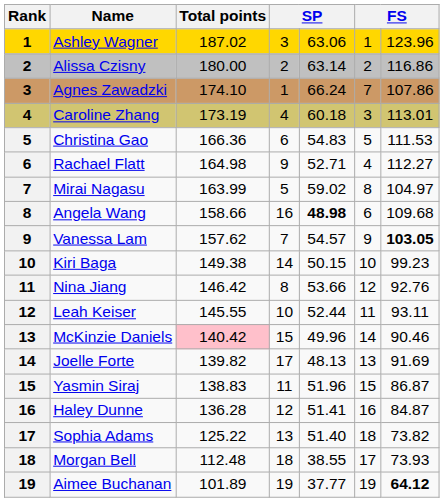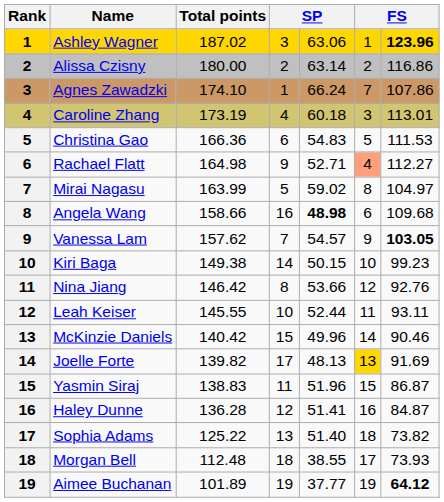 <table class="wikitable sortable">
 <tr>
 <th>Rank</th>
 <th>Name</th>
 <th>Total points</th>
 <th colspan="2" width="80px"><a href='#'>SP</a></th>
 <th colspan="2" width="80px"><a href='#'>FS</a></th>
 </tr>
 <tr bgcolor="gold">
 <td align="center"><strong>1</strong></td>
 <td><a href='#'>Ashley Wagner</a></td>
 <td align="center">187.02</td>
 <td align="center">3</td>
 <td align="center">63.06</td>
 <td align="center">1</td>
-<td align="center">123.96</td>
+<td align="center"><strong>123.96</strong></td>
 </tr>
 <tr bgcolor="silver">
 <td align="center"><strong>2</strong></td>
 <td><a href='#'>Alissa Czisny</a></td>
 <td align="center">180.00</td>
 <td align="center">2</td>
 <td align="center">63.14</td>
 <td align="center">2</td>
 <td align="center">116.86</td>
 </tr>
 <tr bgcolor="cc9966">
 <td align="center"><strong>3</strong></td>
 <td><a href='#'>Agnes Zawadzki</a></td>
 <td align="center">174.10</td>
 <td align="center">1</td>
 <td align="center">66.24</td>
 <td align="center">7</td>
 <td align="center">107.86</td>
 </tr>
 <tr bgcolor="#d1c571">
 <td align="center"><strong>4</strong></td>
 <td><a href='#'>Caroline Zhang</a></td>
 <td align="center">173.19</td>
 <td align="center">4</td>
 <td align="center">60.18</td>
 <td align="center">3</td>
 <td align="center">113.01</td>
 </tr>
 <tr>
 <th>5</th>
 <td><a href='#'>Christina Gao</a></td>
 <td align="center">166.36</td>
 <td align="center">6</td>
 <td align="center">54.83</td>
 <td align="center">5</td>
 <td align="center">111.53</td>
 </tr>
 <tr>
 <th>6</th>
 <td><a href='#'>Rachael Flatt</a></td>
 <td align="center">164.98</td>
 <td align="center">9</td>
 <td align="center">52.71</td>
-<td align="center">4</td>
+<td align="center" style="background: lightsalmon;">4</td>
 <td align="center">112.27</td>
 </tr>
 <tr>
 <th>7</th>
 <td><a href='#'>Mirai Nagasu</a></td>
 <td align="center">163.99</td>
 <td align="center">5</td>
 <td align="center">59.02</td>
 <td align="center">8</td>
 <td align="center">104.97</td>
 </tr>
 <tr>
 <th>8</th>
 <td><a href='#'>Angela Wang</a></td>
 <td align="center">158.66</td>
 <td align="center">16</td>
 <td align="center"><strong>48.98</strong></td>
 <td align="center">6</td>
 <td align="center">109.68</td>
 </tr>
 <tr>
 <th>9</th>
 <td><a href='#'>Vanessa Lam</a></td>
 <td align="center">157.62</td>
 <td align="center">7</td>
 <td align="center">54.57</td>
 <td align="center">9</td>
 <td align="center"><strong>103.05</strong></td>
 </tr>
 <tr>
 <th>10</th>
 <td><a href='#'>Kiri Baga</a></td>
 <td align="center">149.38</td>
 <td align="center">14</td>
 <td align="center">50.15</td>
 <td align="center">10</td>
 <td align="center">99.23</td>
 </tr>
 <tr>
 <th>11</th>
 <td><a href='#'>Nina Jiang</a></td>
 <td align="center">146.42</td>
 <td align="center">8</td>
 <td align="center">53.66</td>
 <td align="center">12</td>
 <td align="center">92.76</td>
 </tr>
 <tr>
 <th>12</th>
 <td><a href='#'>Leah Keiser</a></td>
 <td align="center">145.55</td>
 <td align="center">10</td>
 <td align="center">52.44</td>
 <td align="center">11</td>
 <td align="center">93.11</td>
 </tr>
 <tr>
 <th>13</th>
 <td><a href='#'>McKinzie Daniels</a></td>
-<td align="center" style="background: pink;">140.42</td>
+<td align="center">140.42</td>
 <td align="center">15</td>
 <td align="center">49.96</td>
 <td align="center">14</td>
 <td align="center">90.46</td>
 </tr>
 <tr>
 <th>14</th>
 <td><a href='#'>Joelle Forte</a></td>
 <td align="center">139.82</td>
 <td align="center">17</td>
 <td align="center">48.13</td>
-<td align="center">13</td>
+<td align="center" style="background: gold;">13</td>
 <td align="center">91.69</td>
 </tr>
 <tr>
 <th>15</th>
 <td><a href='#'>Yasmin Siraj</a></td>
 <td align="center">138.83</td>
 <td align="center">11</td>
 <td align="center">51.96</td>
 <td align="center">15</td>
 <td align="center">86.87</td>
 </tr>
 <tr>
 <th>16</th>
 <td><a href='#'>Haley Dunne</a></td>
 <td align="center">136.28</td>
 <td align="center">12</td>
 <td align="center">51.41</td>
 <td align="center">16</td>
 <td align="center">84.87</td>
 </tr>
 <tr>
 <th>17</th>
 <td><a href='#'>Sophia Adams</a></td>
 <td align="center">125.22</td>
 <td align="center">13</td>
 <td align="center">51.40</td>
 <td align="center">18</td>
 <td align="center">73.82</td>
 </tr>
 <tr>
 <th>18</th>
 <td><a href='#'>Morgan Bell</a></td>
 <td align="center">112.48</td>
 <td align="center">18</td>
 <td align="center">38.55</td>
 <td align="center">17</td>
 <td align="center">73.93</td>
 </tr>
 <tr>
 <th>19</th>
 <td><a href='#'>Aimee Buchanan</a></td>
 <td align="center">101.89</td>
 <td align="center">19</td>
 <td align="center">37.77</td>
 <td align="center">19</td>
 <td align="center"><strong>64.12</strong></td>
 </tr>
 </table>
